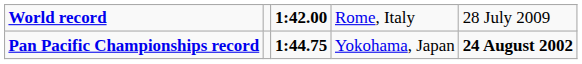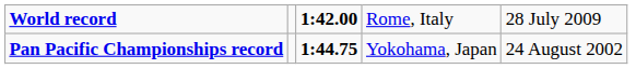 <table class="wikitable">
 <tr>
 <td><strong><a href='#'>World record</a></strong></td>
 <td></td>
 <td><strong>1:42.00</strong></td>
 <td><a href='#'>Rome</a>, Italy</td>
 <td>28 July 2009</td>
 </tr>
 <tr>
 <td><strong><a href='#'>Pan Pacific Championships record</a></strong></td>
 <td></td>
 <td><strong>1:44.75</strong></td>
 <td><a href='#'>Yokohama</a>, Japan</td>
-<td><strong>24 August 2002</strong></td>
+<td>24 August 2002</td>
 </tr>
 </table>
